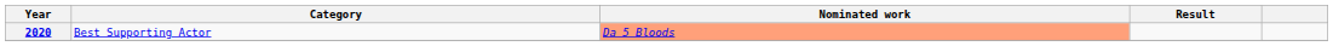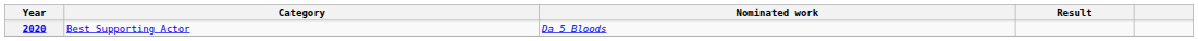 <table class="wikitable plainrowheaders" style="width:100%;">
 <tr>
 <th scope="col" style="width:5%;">Year</th>
 <th scope="col" style="width:40%;">Category</th>
 <th scope="col" style="width:40%;">Nominated work</th>
 <th scope="col" style="width:10%;">Result</th>
 <th scope="col" style="width:5%;"></th>
 </tr>
 <tr>
 <th scope="row" style="text-align:center;"><a href='#'>2020</a></th>
 <td><a href='#'>Best Supporting Actor</a></td>
-<td style="background: lightsalmon;"><em><a href='#'>Da 5 Bloods</a></em></td>
+<td><em><a href='#'>Da 5 Bloods</a></em></td>
 <td></td>
 <td style="text-align:center;"></td>
 </tr>
 <tr>
 </tr>
 </table>
